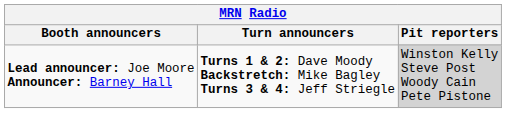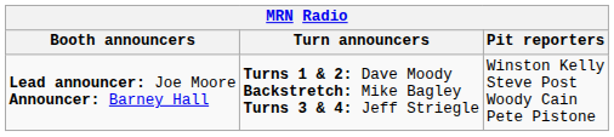 <table class="wikitable" style="font-size: 95%;">
 <tr>
 <th colspan="3"><a href='#'>MRN</a> <a href='#'>Radio</a></th>
 </tr>
 <tr>
 <th>Booth announcers</th>
 <th>Turn announcers</th>
 <th>Pit reporters</th>
 </tr>
 <tr>
 <td><strong>Lead announcer:</strong> Joe Moore<br><strong>Announcer:</strong> <a href='#'>Barney Hall</a></td>
 <td><strong>Turns 1 & 2:</strong> Dave Moody<br><strong>Backstretch:</strong> Mike Bagley<br><strong>Turns 3 & 4:</strong> Jeff Striegle</td>
-<td style="background: lightgrey;">Winston Kelly<br>Steve Post<br>Woody Cain<br>Pete Pistone</td>
+<td>Winston Kelly<br>Steve Post<br>Woody Cain<br>Pete Pistone</td>
 </tr>
 </table>
